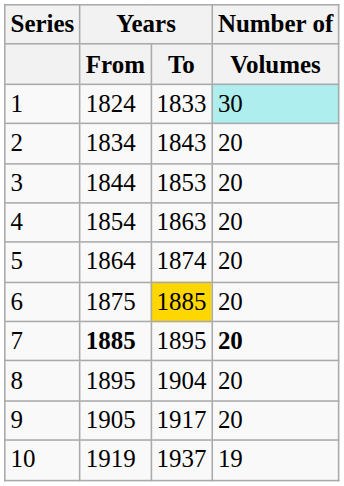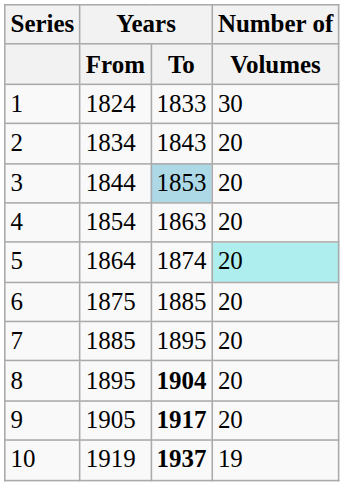 <table class=wikitable>
 <tr>
 <th>Series</th>
 <th COLSPAN=2>Years</th>
 <th>Number of</th>
 </tr>
 <tr>
 <th></th>
 <th>From</th>
 <th>To</th>
 <th>Volumes</th>
 </tr>
 <tr>
 <td>1</td>
 <td>1824</td>
 <td>1833</td>
-<td style="background: paleturquoise;">30</td>
+<td>30</td>
 </tr>
 <tr>
 <td>2</td>
 <td>1834</td>
 <td>1843</td>
 <td>20</td>
 </tr>
 <tr>
 <td>3</td>
 <td>1844</td>
-<td>1853</td>
+<td style="background: lightblue;">1853</td>
 <td>20</td>
 </tr>
 <tr>
 <td>4</td>
 <td>1854</td>
 <td>1863</td>
 <td>20</td>
 </tr>
 <tr>
 <td>5</td>
 <td>1864</td>
 <td>1874</td>
-<td>20</td>
+<td style="background: paleturquoise;">20</td>
 </tr>
 <tr>
 <td>6</td>
 <td>1875</td>
-<td style="background: gold;">1885</td>
+<td>1885</td>
 <td>20</td>
 </tr>
 <tr>
 <td>7</td>
-<td><strong>1885</strong></td>
+<td>1885</td>
 <td>1895</td>
-<td><strong>20</strong></td>
+<td>20</td>
 </tr>
 <tr>
 <td>8</td>
 <td>1895</td>
-<td>1904</td>
+<td><strong>1904</strong></td>
 <td>20</td>
 </tr>
 <tr>
 <td>9</td>
 <td>1905</td>
-<td>1917</td>
+<td><strong>1917</strong></td>
 <td>20</td>
 </tr>
 <tr>
 <td>10</td>
 <td>1919</td>
-<td>1937</td>
+<td><strong>1937</strong></td>
 <td>19</td>
 </tr>
 </table>
